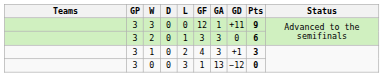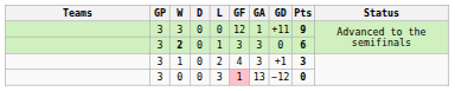 <table class="wikitable" style="text-align:center">
 <tr>
 <th width=185>Teams</th>
 <th width=20>GP</th>
 <th width=20>W</th>
 <th width=20>D</th>
 <th width=20>L</th>
 <th width=20>GF</th>
 <th width=20>GA</th>
 <th width=20>GD</th>
 <th width=20>Pts</th>
 <th width=171>Status</th>
 </tr>
 <tr bgcolor="#D0F0C0">
 <td style="text-align:left;"></td>
 <td>3</td>
 <td>3</td>
 <td>0</td>
 <td>0</td>
 <td>12</td>
 <td>1</td>
 <td>+11</td>
 <td><strong>9</strong></td>
 <td rowspan=2>Advanced to the semifinals</td>
 </tr>
 <tr bgcolor="#D0F0C0">
 <td style="text-align:left;"></td>
 <td>3</td>
-<td>2</td>
+<td><strong>2</strong></td>
 <td>0</td>
 <td>1</td>
 <td>3</td>
 <td>3</td>
 <td>0</td>
 <td><strong>6</strong></td>
 </tr>
 <tr>
 <td style="text-align:left;"></td>
 <td>3</td>
 <td>1</td>
 <td>0</td>
 <td>2</td>
 <td>4</td>
 <td>3</td>
 <td>+1</td>
 <td><strong>3</strong></td>
 </tr>
 <tr>
 <td style="text-align:left;"></td>
 <td>3</td>
 <td>0</td>
 <td>0</td>
 <td>3</td>
-<td>1</td>
+<td style="background: pink;">1</td>
 <td>13</td>
 <td>−12</td>
 <td><strong>0</strong></td>
 </tr>
 </table>
